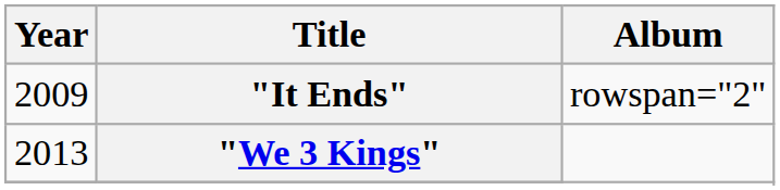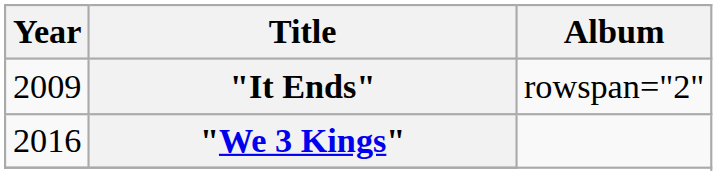 <table class="wikitable plainrowheaders" style="text-align:center;">
 <tr>
 <th scope="col">Year</th>
 <th scope="col" style="width:12em;">Title</th>
 <th scope="col">Album</th>
 </tr>
 <tr>
 <td>2009</td>
 <th scope="row">"It Ends"</th>
 <td>rowspan="2" </td>
 </tr>
 <tr>
-<td>2013</td>
+<td>2016</td>
 <th scope="row">"<a href='#'>We 3 Kings</a>"</th>
 </tr>
 <tr>
 </tr>
 </table>
